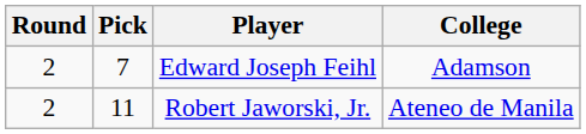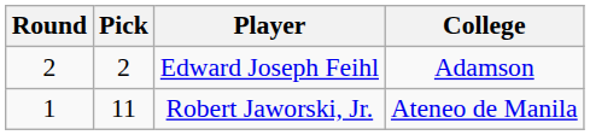 <table class="wikitable sortable sortable">
 <tr>
 <th>Round</th>
 <th>Pick</th>
 <th>Player</th>
 <th>College</th>
 </tr>
 <tr style="text-align: center">
 <td align="center">2</td>
-<td align="center">7</td>
+<td align="center">2</td>
 <td><a href='#'>Edward Joseph Feihl</a></td>
 <td><a href='#'>Adamson</a></td>
 </tr>
 <tr style="text-align: center">
-<td align="center">2</td>
+<td align="center">1</td>
 <td align="center">11</td>
 <td><a href='#'>Robert Jaworski, Jr.</a></td>
 <td><a href='#'>Ateneo de Manila</a></td>
 </tr>
 </table>
